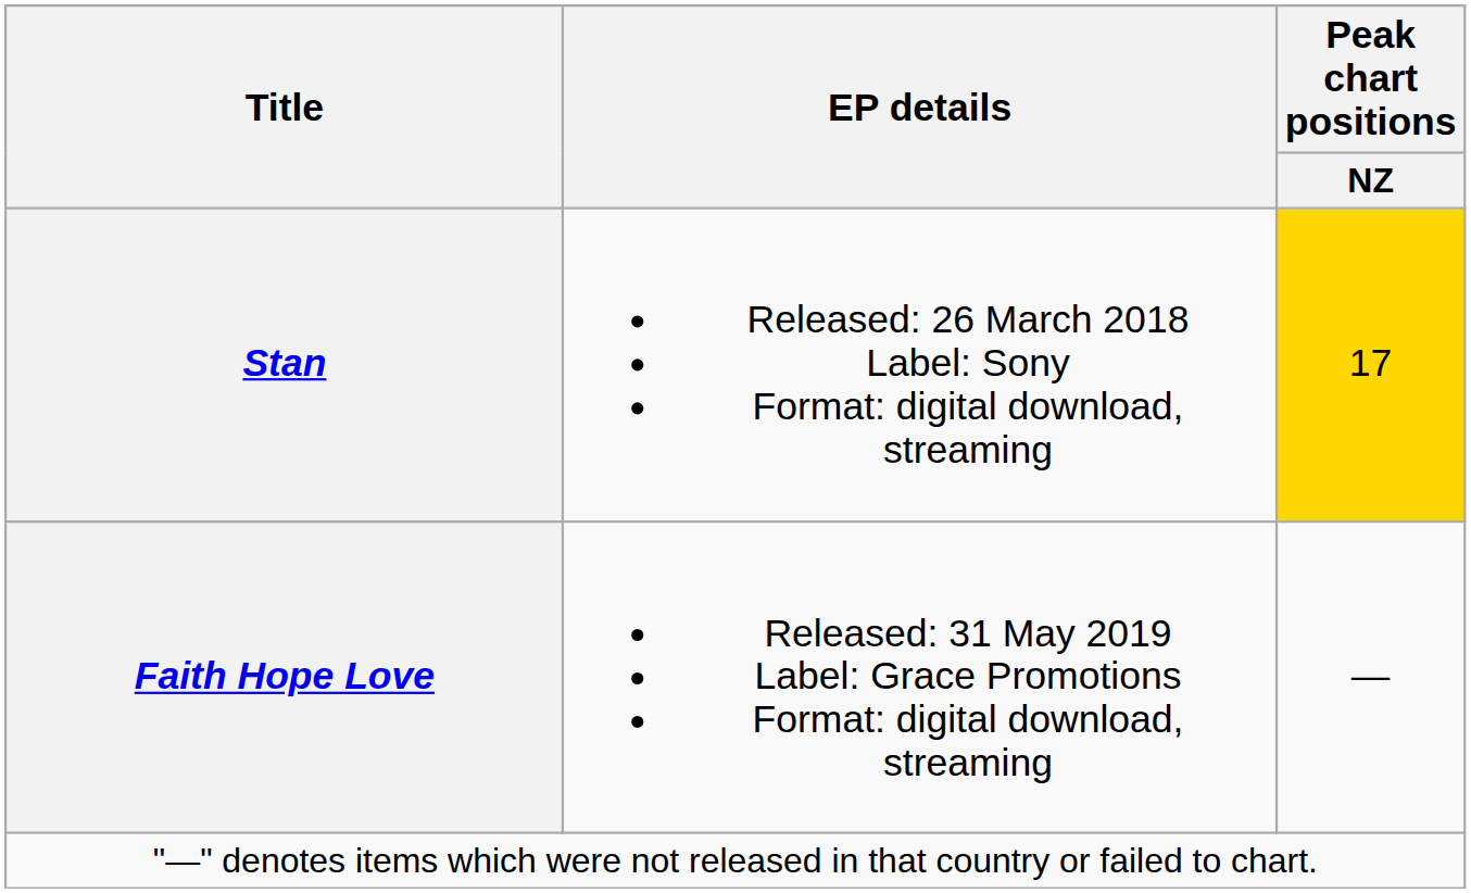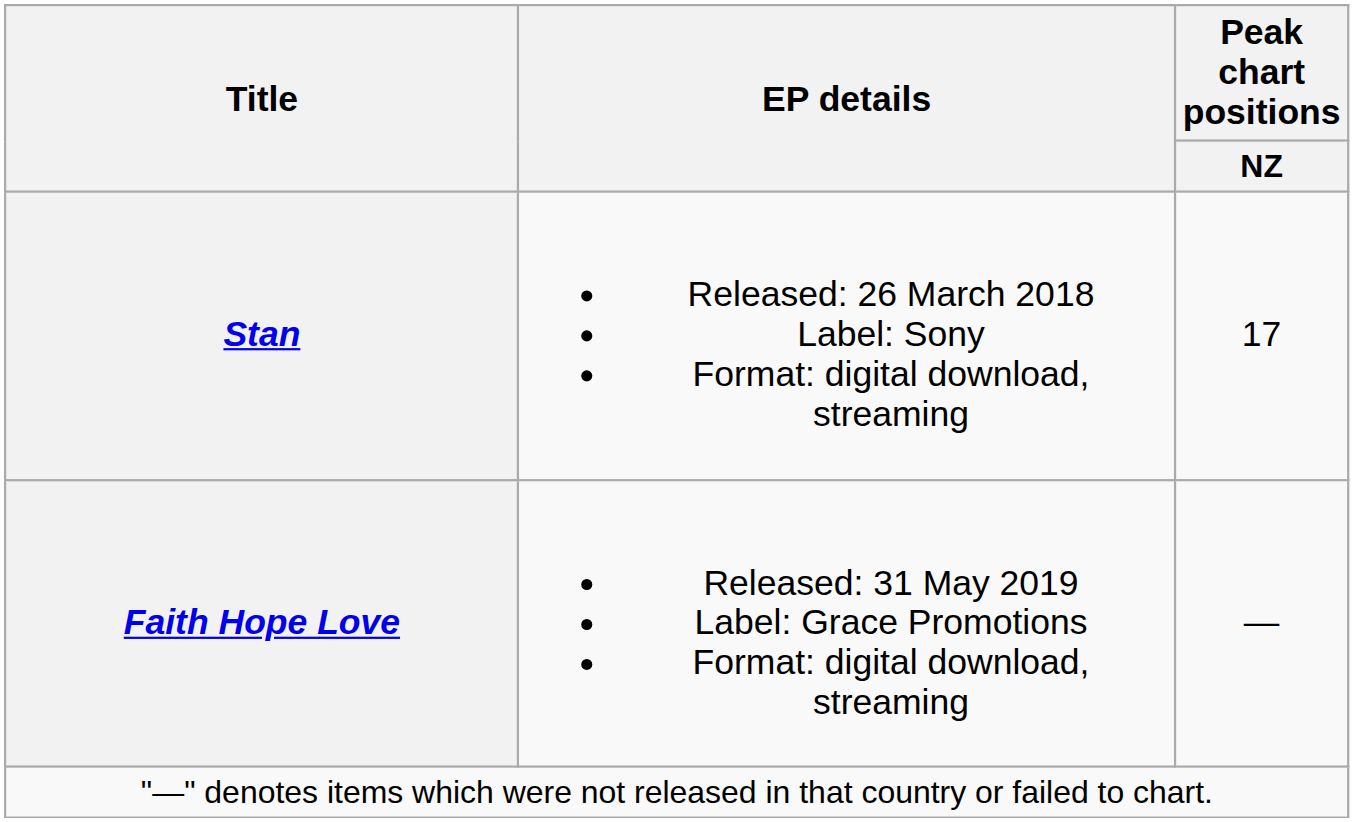 <table class="wikitable plainrowheaders" style="text-align:center;">
 <tr>
 <th scope="col" rowspan="2" style="width:14em;">Title</th>
 <th scope="col" rowspan="2" style="width:18em;">EP details</th>
 <th scope="col" colspan="1">Peak chart positions</th>
 </tr>
 <tr>
 <th scope="col" style="width:3em;font-size:90%;">NZ<br></th>
 </tr>
 <tr>
 <th scope="row"><em><a href='#'>Stan</a></em></th>
 <td><br><ul><li>Released: 26 March 2018</li><li>Label: Sony</li><li>Format: digital download, streaming</li></ul></td>
-<td style="background: gold;">17</td>
+<td>17</td>
 </tr>
 <tr>
 <th scope="row"><em><a href='#'>Faith Hope Love</a></em></th>
 <td><br><ul><li>Released: 31 May 2019</li><li>Label: Grace Promotions</li><li>Format: digital download, streaming</li></ul></td>
 <td>—</td>
 </tr>
 <tr>
 <td colspan="14" style="font-size:90%">"—" denotes items which were not released in that country or failed to chart.</td>
 </tr>
 </table>
